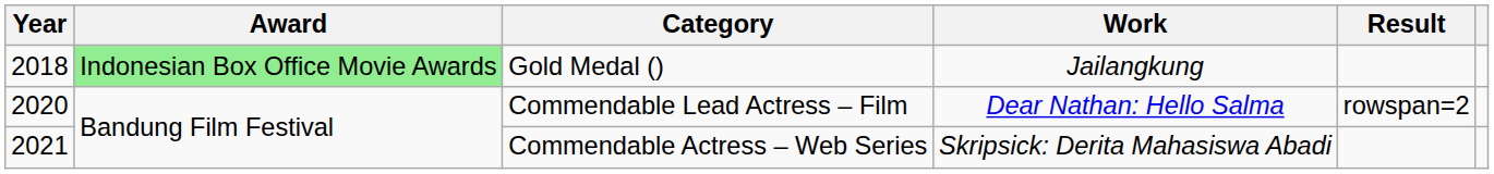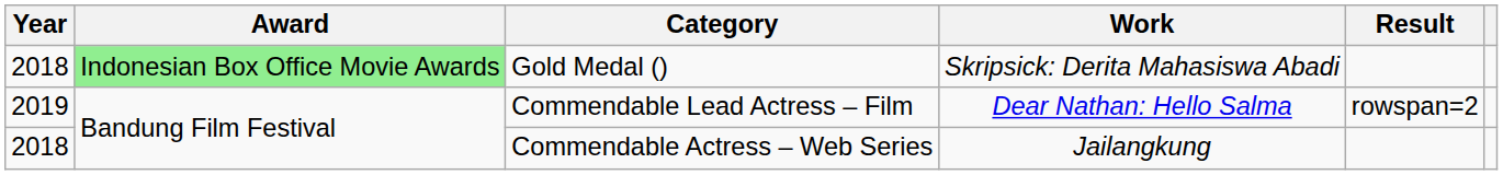 <table class="wikitable sortable">
 <tr>
 <th>Year</th>
 <th>Award</th>
 <th>Category</th>
 <th>Work</th>
 <th>Result</th>
 <th class="unsortable"></th>
 </tr>
 <tr>
 <td>2018</td>
 <td style="background: lightgreen;">Indonesian Box Office Movie Awards</td>
 <td>Gold Medal ()</td>
-<td align="center"><em>Jailangkung</em></td>
+<td align="center"><em>Skripsick: Derita Mahasiswa Abadi</em></td>
 <td></td>
 <td></td>
 </tr>
 <tr>
-<td>2020</td>
+<td>2019</td>
 <td rowspan="2">Bandung Film Festival</td>
 <td>Commendable Lead Actress – Film</td>
 <td align="center"><em><a href='#'>Dear Nathan: Hello Salma</a></em></td>
 <td>rowspan=2 </td>
 <td></td>
 </tr>
 <tr>
-<td>2021</td>
+<td>2018</td>
 <td>Commendable Actress – Web Series</td>
-<td align="center"><em>Skripsick: Derita Mahasiswa Abadi</em></td>
+<td align="center"><em>Jailangkung</em></td>
 <td></td>
 </tr>
 </table>
